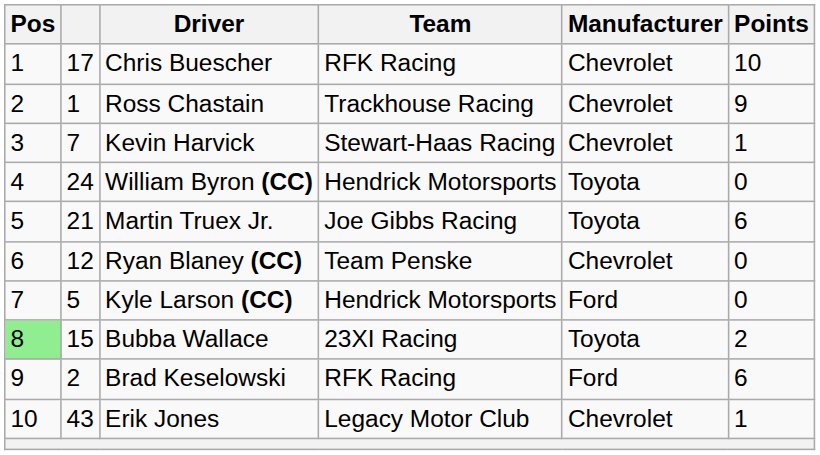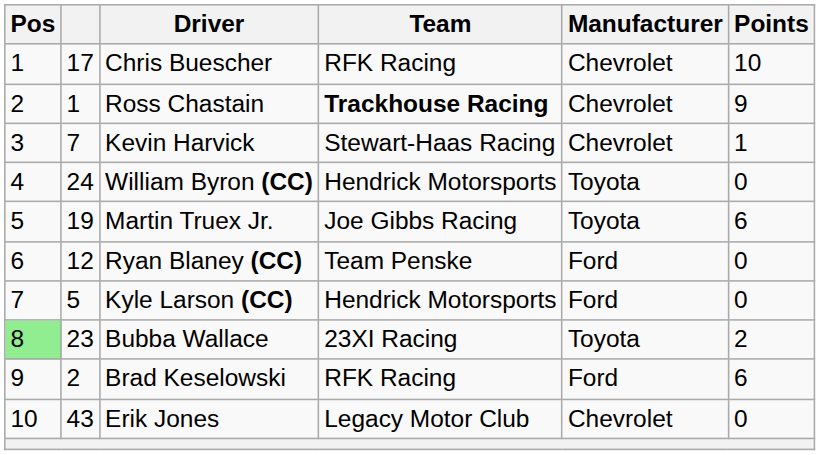 <table class="wikitable" style="font-size:98%">
 <tr>
 <th>Pos</th>
 <th></th>
 <th>Driver</th>
 <th>Team</th>
 <th>Manufacturer</th>
 <th>Points</th>
 </tr>
 <tr>
 <td>1</td>
 <td>17</td>
 <td>Chris Buescher</td>
 <td>RFK Racing</td>
 <td>Chevrolet</td>
 <td>10</td>
 </tr>
 <tr>
 <td>2</td>
 <td>1</td>
 <td>Ross Chastain</td>
-<td>Trackhouse Racing</td>
+<td><strong>Trackhouse Racing</strong></td>
 <td>Chevrolet</td>
 <td>9</td>
 </tr>
 <tr>
 <td>3</td>
 <td>7</td>
 <td>Kevin Harvick</td>
 <td>Stewart-Haas Racing</td>
 <td>Chevrolet</td>
 <td>1</td>
 </tr>
 <tr>
 <td>4</td>
 <td>24</td>
 <td>William Byron <strong>(CC)</strong></td>
 <td>Hendrick Motorsports</td>
 <td>Toyota</td>
 <td>0</td>
 </tr>
 <tr>
 <td>5</td>
-<td>21</td>
+<td>19</td>
 <td>Martin Truex Jr.</td>
 <td>Joe Gibbs Racing</td>
 <td>Toyota</td>
 <td>6</td>
 </tr>
 <tr>
 <td>6</td>
 <td>12</td>
 <td>Ryan Blaney <strong>(CC)</strong></td>
 <td>Team Penske</td>
-<td>Chevrolet</td>
+<td>Ford</td>
 <td>0</td>
 </tr>
 <tr>
 <td>7</td>
 <td>5</td>
 <td>Kyle Larson <strong>(CC)</strong></td>
 <td>Hendrick Motorsports</td>
 <td>Ford</td>
 <td>0</td>
 </tr>
 <tr>
 <td style="background: lightgreen;">8</td>
-<td>15</td>
+<td>23</td>
 <td>Bubba Wallace</td>
 <td>23XI Racing</td>
 <td>Toyota</td>
 <td>2</td>
 </tr>
 <tr>
 <td>9</td>
 <td>2</td>
 <td>Brad Keselowski</td>
 <td>RFK Racing</td>
 <td>Ford</td>
 <td>6</td>
 </tr>
 <tr>
 <td>10</td>
 <td>43</td>
 <td>Erik Jones</td>
 <td>Legacy Motor Club</td>
 <td>Chevrolet</td>
-<td>1</td>
+<td>0</td>
 </tr>
 <tr>
 <th colspan="6"></th>
 </tr>
 </table>
